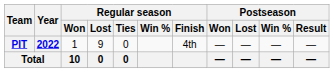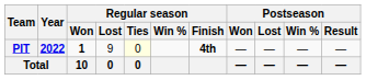 <table class="wikitable" style="font-size: 95%; text-align:center;">
 <tr>
 <th rowspan="2">Team</th>
 <th rowspan="2">Year</th>
 <th colspan="5">Regular season</th>
 <th colspan="4">Postseason</th>
 </tr>
 <tr>
 <th>Won</th>
 <th>Lost</th>
 <th>Ties</th>
 <th>Win %</th>
 <th>Finish</th>
 <th>Won</th>
 <th>Lost</th>
 <th>Win %</th>
 <th>Result</th>
 </tr>
 <tr>
 <th><a href='#'>PIT</a></th>
 <th><a href='#'>2022</a></th>
-<td>1</td>
+<td><strong>1</strong></td>
 <td>9</td>
-<td>0</td>
+<td style="background: lightyellow;">0</td>
 <td></td>
-<td>4th </td>
+<td><strong>4th </strong></td>
 <td>—</td>
 <td>—</td>
 <td>—</td>
 <td>—</td>
 </tr>
 <tr>
 <th colspan="2">Total</th>
 <th>10</th>
 <th>0</th>
 <th>0</th>
 <th></th>
 <th></th>
 <th>—</th>
 <th>—</th>
 <th>—</th>
 <th>—</th>
 </tr>
 </table>
